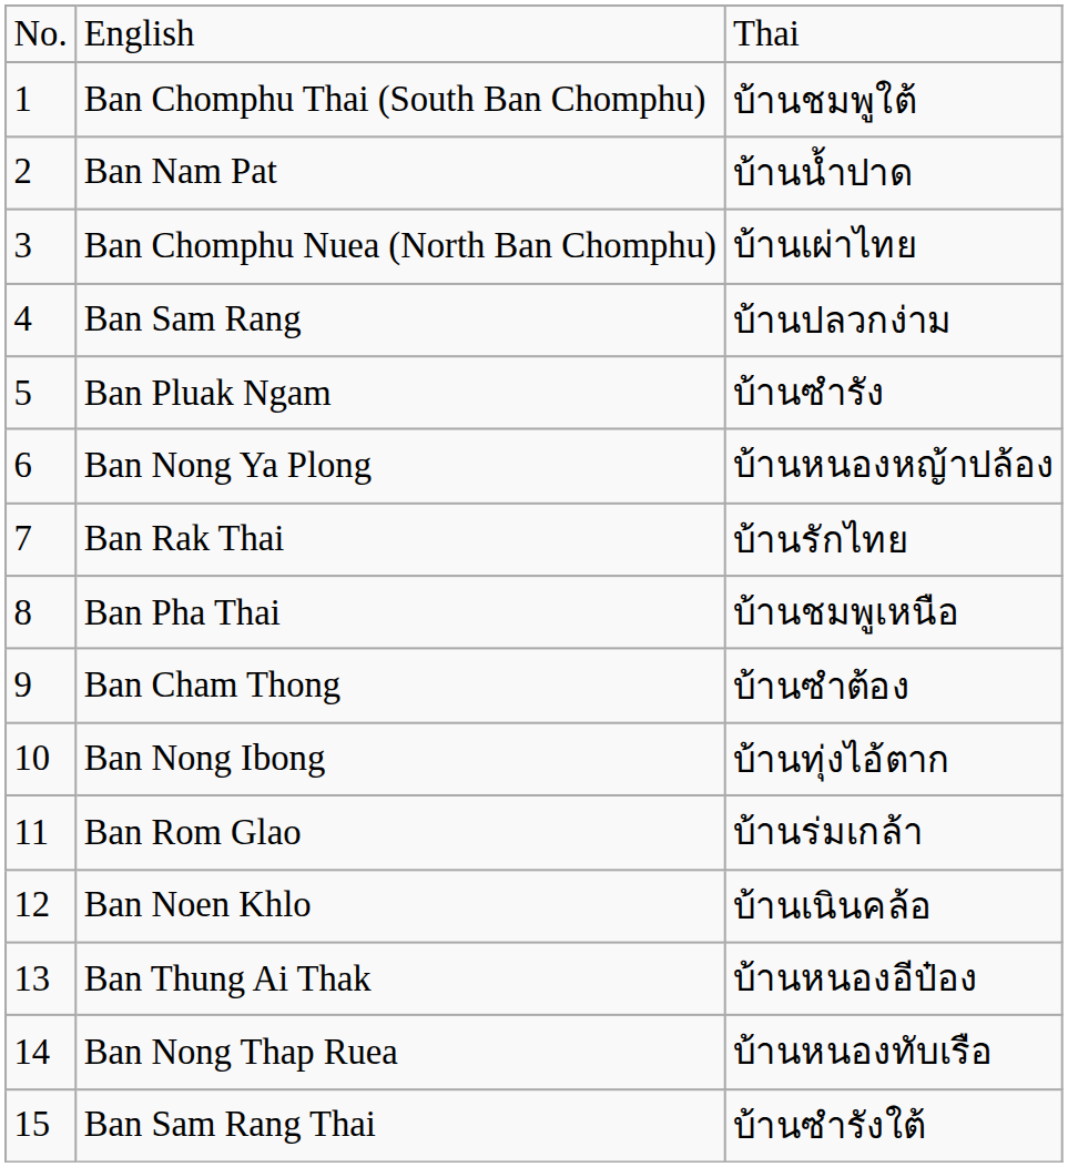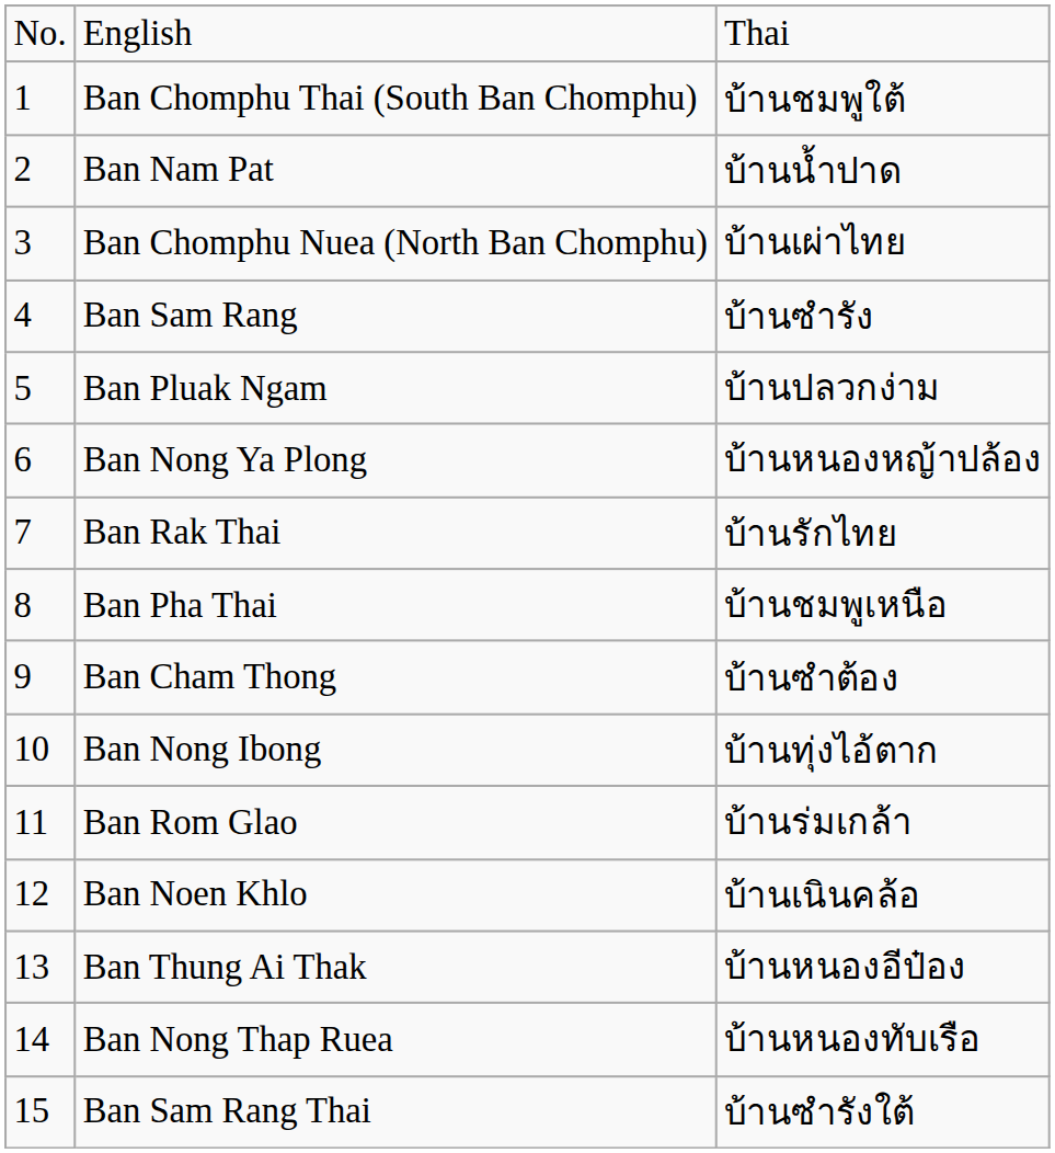 <table class="wikitable">
 <tr>
 <td>No.</td>
 <td>English</td>
 <td>Thai</td>
 </tr>
 <tr>
 <td>1</td>
 <td>Ban Chomphu Thai (South Ban Chomphu)</td>
 <td>บ้านชมพูใต้</td>
 </tr>
 <tr>
 <td>2</td>
 <td>Ban Nam Pat</td>
 <td>บ้านน้ำปาด</td>
 </tr>
 <tr>
 <td>3</td>
 <td>Ban Chomphu Nuea (North Ban Chomphu)</td>
 <td>บ้านเผ่าไทย</td>
 </tr>
 <tr>
 <td>4</td>
 <td>Ban Sam Rang</td>
-<td>บ้านปลวกง่าม</td>
+<td>บ้านซำรัง</td>
 </tr>
 <tr>
 <td>5</td>
 <td>Ban Pluak Ngam</td>
-<td>บ้านซำรัง</td>
+<td>บ้านปลวกง่าม</td>
 </tr>
 <tr>
 <td>6</td>
 <td>Ban Nong Ya Plong</td>
 <td>บ้านหนองหญ้าปล้อง</td>
 </tr>
 <tr>
 <td>7</td>
 <td>Ban Rak Thai</td>
 <td>บ้านรักไทย</td>
 </tr>
 <tr>
 <td>8</td>
 <td>Ban Pha Thai</td>
 <td>บ้านชมพูเหนือ</td>
 </tr>
 <tr>
 <td>9</td>
 <td>Ban Cham Thong</td>
 <td>บ้านซำต้อง</td>
 </tr>
 <tr>
 <td>10</td>
 <td>Ban Nong Ibong</td>
 <td>บ้านทุ่งไอ้ตาก</td>
 </tr>
 <tr>
 <td>11</td>
 <td>Ban Rom Glao</td>
 <td>บ้านร่มเกล้า</td>
 </tr>
 <tr>
 <td>12</td>
 <td>Ban Noen Khlo</td>
 <td>บ้านเนินคล้อ</td>
 </tr>
 <tr>
 <td>13</td>
 <td>Ban Thung Ai Thak</td>
 <td>บ้านหนองอีป๋อง</td>
 </tr>
 <tr>
 <td>14</td>
 <td>Ban Nong Thap Ruea</td>
 <td>บ้านหนองทับเรือ</td>
 </tr>
 <tr>
 <td>15</td>
 <td>Ban Sam Rang Thai</td>
 <td>บ้านซำรังใต้</td>
 </tr>
 </table>
